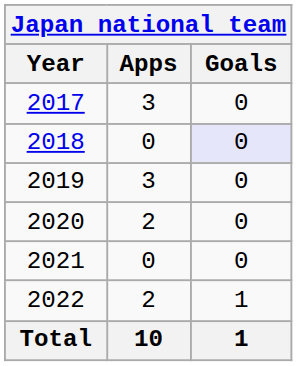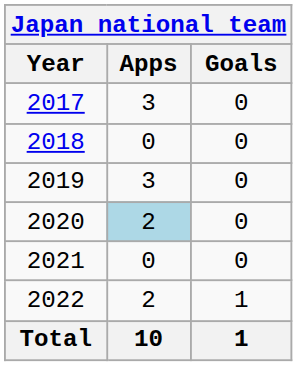 <table class="wikitable" style="text-align:center">
 <tr>
 <th colspan=3><a href='#'>Japan national team</a></th>
 </tr>
 <tr>
 <th>Year</th>
 <th>Apps</th>
 <th>Goals</th>
 </tr>
 <tr>
 <td><a href='#'>2017</a></td>
 <td>3</td>
 <td>0</td>
 </tr>
 <tr>
 <td><a href='#'>2018</a></td>
 <td>0</td>
-<td style="background: lavender;">0</td>
+<td>0</td>
 </tr>
 <tr>
 <td>2019</td>
 <td>3</td>
 <td>0</td>
 </tr>
 <tr>
 <td>2020</td>
-<td>2</td>
+<td style="background: lightblue;">2</td>
 <td>0</td>
 </tr>
 <tr>
 <td>2021</td>
 <td>0</td>
 <td>0</td>
 </tr>
 <tr>
 <td>2022</td>
 <td>2</td>
 <td>1</td>
 </tr>
 <tr>
 <th>Total</th>
 <th>10</th>
 <th>1</th>
 </tr>
 </table>
